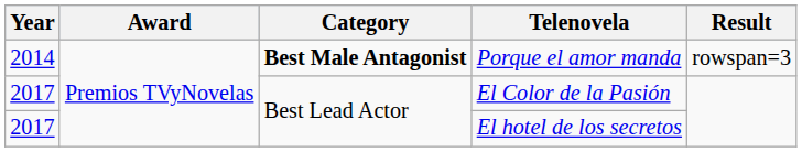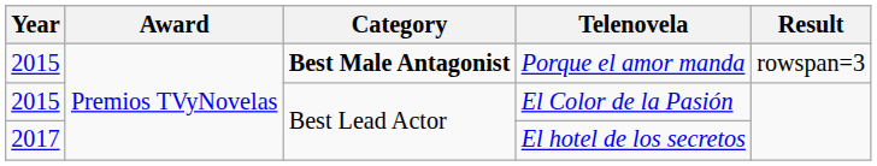 <table class="wikitable">
 <tr style="background:#b0c4de;">
 <th>Year</th>
 <th>Award</th>
 <th>Category</th>
 <th>Telenovela</th>
 <th>Result</th>
 </tr>
 <tr>
-<td><a href='#'>2014</a></td>
+<td><a href='#'>2015</a></td>
 <td rowspan=3><a href='#'>Premios TVyNovelas</a></td>
 <td><strong>Best Male Antagonist</strong></td>
 <td><em><a href='#'>Porque el amor manda</a></em></td>
 <td>rowspan=3 </td>
 </tr>
 <tr>
-<td><a href='#'>2017</a></td>
+<td><a href='#'>2015</a></td>
 <td rowspan=2>Best Lead Actor</td>
 <td><em><a href='#'>El Color de la Pasión</a></em></td>
 </tr>
 <tr>
 <td><a href='#'>2017</a></td>
 <td><em><a href='#'>El hotel de los secretos</a></em></td>
 </tr>
 </table>
